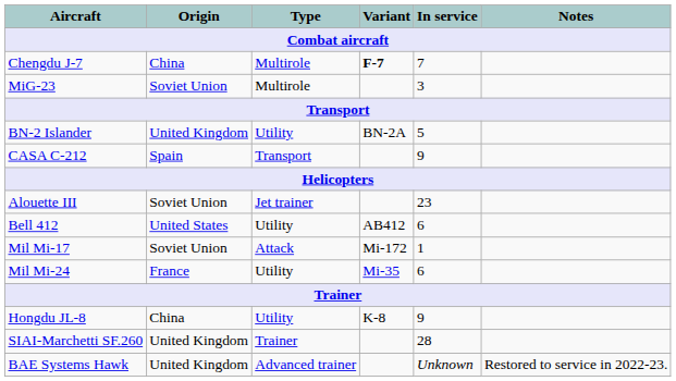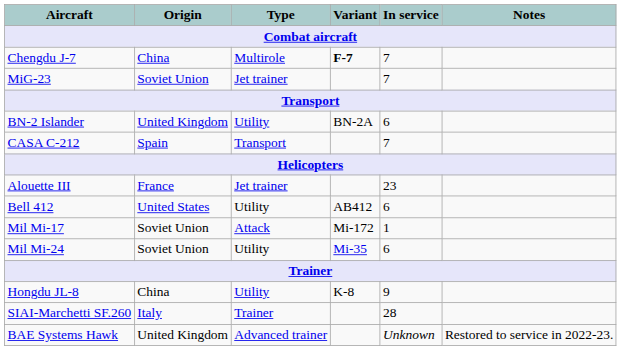 <table class="wikitable">
 <tr>
 <th style="text-align:center; background:#acc;">Aircraft</th>
 <th style="text-align: center; background:#acc;">Origin</th>
 <th style="text-align:l center; background:#acc;">Type</th>
 <th style="text-align:left; background:#acc;">Variant</th>
 <th style="text-align:center; background:#acc;">In service</th>
 <th style="text-align: center; background:#acc;">Notes</th>
 </tr>
 <tr>
 <th colspan="6" style="align: center; background : lavender; "><a href='#'>Combat aircraft</a></th>
 </tr>
 <tr>
 <td><a href='#'>Chengdu J-7</a></td>
 <td><a href='#'>China</a></td>
 <td><a href='#'>Multirole</a></td>
 <td><strong>F-7</strong></td>
 <td>7</td>
 <td></td>
 </tr>
 <tr>
 <td><a href='#'>MiG-23</a></td>
 <td><a href='#'>Soviet Union</a></td>
-<td>Multirole</td>
+<td><a href='#'>Jet trainer</a></td>
 <td></td>
-<td>3</td>
+<td>7</td>
 <td></td>
 </tr>
 <tr>
 <th colspan="6" style="align: center; background: lavender;"><a href='#'>Transport</a></th>
 </tr>
 <tr>
 <td><a href='#'>BN-2 Islander</a></td>
 <td><a href='#'>United Kingdom</a></td>
 <td><a href='#'>Utility</a></td>
 <td>BN-2A</td>
-<td>5</td>
+<td>6</td>
 <td></td>
 </tr>
 <tr>
 <td><a href='#'>CASA C-212</a></td>
 <td><a href='#'>Spain</a></td>
 <td><a href='#'>Transport</a></td>
 <td></td>
-<td>9</td>
+<td>7</td>
 <td></td>
 </tr>
 <tr>
 <th colspan="6" style="align: center; background: lavender;"><a href='#'>Helicopters</a></th>
 </tr>
 <tr>
 <td><a href='#'>Alouette III</a></td>
-<td>Soviet Union</td>
+<td><a href='#'>France</a></td>
 <td><a href='#'>Jet trainer</a></td>
 <td></td>
 <td>23</td>
 <td></td>
 </tr>
 <tr>
 <td><a href='#'>Bell 412</a></td>
 <td><a href='#'>United States</a></td>
 <td>Utility</td>
 <td>AB412</td>
 <td>6</td>
 <td></td>
 </tr>
 <tr>
 <td><a href='#'>Mil Mi-17</a></td>
 <td>Soviet Union</td>
 <td><a href='#'>Attack</a></td>
 <td>Mi-172</td>
 <td>1</td>
 <td></td>
 </tr>
 <tr>
 <td><a href='#'>Mil Mi-24</a></td>
-<td><a href='#'>France</a></td>
+<td>Soviet Union</td>
 <td>Utility</td>
 <td><a href='#'>Mi-35</a></td>
 <td>6</td>
 <td></td>
 </tr>
 <tr>
 <th colspan="6" style="align: center; background: lavender;"><a href='#'>Trainer</a></th>
 </tr>
 <tr>
 <td><a href='#'>Hongdu JL-8</a></td>
 <td>China</td>
 <td><a href='#'>Utility</a></td>
 <td>K-8</td>
 <td>9</td>
 <td></td>
 </tr>
 <tr>
 <td><a href='#'>SIAI-Marchetti SF.260</a></td>
-<td>United Kingdom</td>
+<td><a href='#'>Italy</a></td>
 <td><a href='#'>Trainer</a></td>
 <td></td>
 <td>28</td>
 <td></td>
 </tr>
 <tr>
 <td><a href='#'>BAE Systems Hawk</a></td>
 <td>United Kingdom</td>
 <td><a href='#'>Advanced trainer</a></td>
 <td></td>
 <td><em>Unknown</em></td>
 <td>Restored to service in 2022-23.</td>
 </tr>
 </table>
